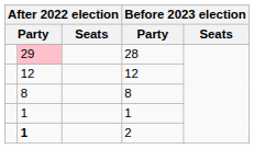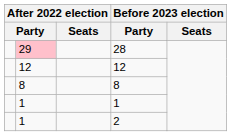 <table class="wikitable">
 <tr>
 <th colspan="3">After 2022 election</th>
 <th colspan="3">Before 2023 election</th>
 </tr>
 <tr>
 <th colspan="2">Party</th>
 <th>Seats</th>
 <th colspan="2">Party</th>
 <th>Seats</th>
 </tr>
 <tr>
 <td></td>
 <td style="background: pink;">29</td>
 <td></td>
 <td>28</td>
 </tr>
 <tr>
 <td></td>
 <td>12</td>
 <td></td>
 <td>12</td>
 </tr>
 <tr>
 <td></td>
 <td>8</td>
 <td></td>
 <td>8</td>
 </tr>
 <tr>
 <td></td>
 <td>1</td>
 <td></td>
 <td>1</td>
 </tr>
 <tr>
 <td></td>
-<td><strong>1</strong></td>
+<td>1</td>
 <td></td>
 <td>2</td>
 </tr>
 </table>
